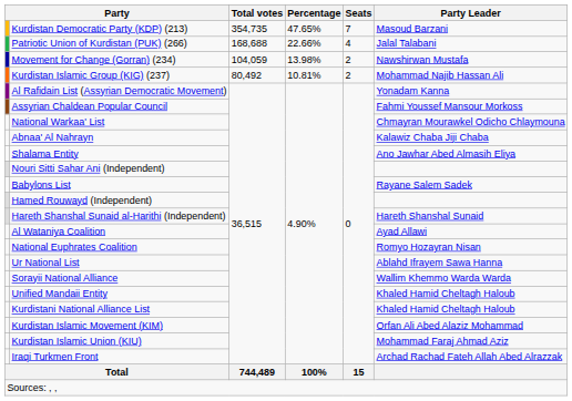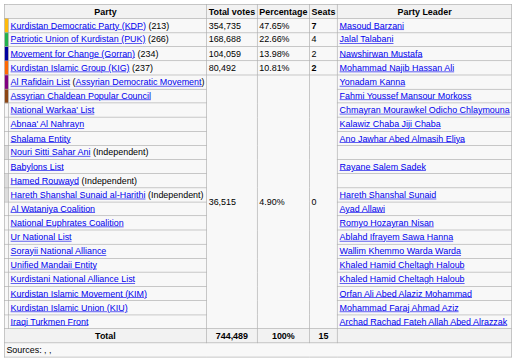 <table class="wikitable sortable" style="border:1px solid #8888aa; background-color:#f8f8f8; padding:0px; font-size:90%;">
 <tr style="background-color:#E9E9E9">
 <th colspan=2>Party</th>
 <th>Total votes</th>
 <th>Percentage</th>
 <th>Seats</th>
 <th>Party Leader</th>
 </tr>
 <tr>
 <td bgcolor="#FFBB0A"></td>
 <td><a href='#'>Kurdistan Democratic Party (KDP)</a> (213)</td>
 <td>354,735</td>
 <td>47.65%</td>
-<td>7</td>
+<td><strong>7</strong></td>
 <td><a href='#'>Masoud Barzani</a></td>
 </tr>
 <tr>
 <td bgcolor="#22B14C"></td>
 <td><a href='#'>Patriotic Union of Kurdistan (PUK)</a> (266)</td>
 <td>168,688</td>
 <td>22.66%</td>
 <td>4</td>
 <td><a href='#'>Jalal Talabani</a></td>
 </tr>
 <tr>
 <td bgcolor="#00009F"></td>
 <td><a href='#'>Movement for Change (Gorran)</a> (234)</td>
 <td>104,059</td>
 <td>13.98%</td>
 <td>2</td>
 <td><a href='#'>Nawshirwan Mustafa</a></td>
 </tr>
 <tr>
 <td bgcolor="#FE6A03"></td>
 <td><a href='#'>Kurdistan Islamic Group (KIG)</a> (237)</td>
 <td>80,492</td>
 <td>10.81%</td>
-<td>2</td>
+<td><strong>2</strong></td>
 <td><a href='#'>Mohammad Najib Hassan Ali</a></td>
 </tr>
 <tr>
 <td bgcolor="#800080"></td>
 <td><a href='#'>Al Rafidain List</a> (<a href='#'>Assyrian Democratic Movement</a>)</td>
 <td rowspan=18>36,515</td>
 <td rowspan=18>4.90%</td>
 <td rowspan=18>0</td>
 <td><a href='#'>Yonadam Kanna</a></td>
 </tr>
 <tr>
 <td bgcolor="#8B4513"></td>
 <td><a href='#'>Assyrian Chaldean Popular Council</a></td>
 <td><a href='#'>Fahmi Youssef Mansour Morkoss</a></td>
 </tr>
 <tr>
 <td></td>
 <td><a href='#'>National Warkaa' List</a></td>
 <td><a href='#'>Chmayran Mourawkel Odicho Chlaymouna</a></td>
 </tr>
 <tr>
 <td></td>
 <td><a href='#'>Abnaa' Al Nahrayn</a></td>
 <td><a href='#'>Kalawiz Chaba Jiji Chaba</a></td>
 </tr>
 <tr>
 <td></td>
 <td><a href='#'>Shalama Entity</a></td>
 <td><a href='#'>Ano Jawhar Abed Almasih Eliya</a></td>
 </tr>
 <tr>
 <td bgcolor="#DDDDDD"></td>
 <td><a href='#'>Nouri Sitti Sahar Ani</a> (Independent)</td>
 <td></td>
 </tr>
 <tr>
 <td></td>
 <td><a href='#'>Babylons List</a></td>
 <td><a href='#'>Rayane Salem Sadek</a></td>
 </tr>
 <tr>
 <td bgcolor="#DDDDDD"></td>
 <td><a href='#'>Hamed Rouwayd</a> (Independent)</td>
 <td></td>
 </tr>
 <tr>
 <td bgcolor="#DDDDDD"></td>
 <td><a href='#'>Hareth Shanshal Sunaid al-Harithi</a> (Independent)</td>
 <td><a href='#'>Hareth Shanshal Sunaid</a></td>
 </tr>
 <tr>
 <td></td>
 <td><a href='#'>Al Wataniya Coalition</a></td>
 <td><a href='#'>Ayad Allawi</a></td>
 </tr>
 <tr>
 <td></td>
 <td><a href='#'>National Euphrates Coalition</a></td>
 <td><a href='#'>Romyo Hozayran Nisan</a></td>
 </tr>
 <tr>
 <td></td>
 <td><a href='#'>Ur National List</a></td>
 <td><a href='#'>Ablahd Ifrayem Sawa Hanna</a></td>
 </tr>
 <tr>
 <td></td>
 <td><a href='#'>Sorayii National Alliance</a></td>
 <td><a href='#'>Wallim Khemmo Warda Warda</a></td>
 </tr>
 <tr>
 <td></td>
 <td><a href='#'>Unified Mandaii Entity</a></td>
 <td><a href='#'>Khaled Hamid Cheltagh Haloub</a></td>
 </tr>
 <tr>
 <td></td>
 <td><a href='#'>Kurdistani National Alliance List</a></td>
 <td><a href='#'>Khaled Hamid Cheltagh Haloub</a></td>
 </tr>
 <tr>
 <td></td>
 <td><a href='#'>Kurdistan Islamic Movement (KIM)</a></td>
 <td><a href='#'>Orfan Ali Abed Alaziz Mohammad</a></td>
 </tr>
 <tr>
 <td></td>
 <td><a href='#'>Kurdistan Islamic Union (KIU)</a></td>
 <td><a href='#'>Mohammad Faraj Ahmad Aziz</a></td>
 </tr>
 <tr>
 <td></td>
 <td><a href='#'>Iraqi Turkmen Front</a></td>
 <td><a href='#'>Archad Rachad Fateh Allah Abed Alrazzak</a></td>
 </tr>
 <tr>
 <th colspan=2><strong>Total</strong></th>
 <th><strong>744,489</strong></th>
 <th><strong>100%</strong></th>
 <th><strong>15</strong></th>
 <th></th>
 </tr>
 <tr>
 <td colspan=7 align=left>Sources: , , </td>
 </tr>
 </table>
